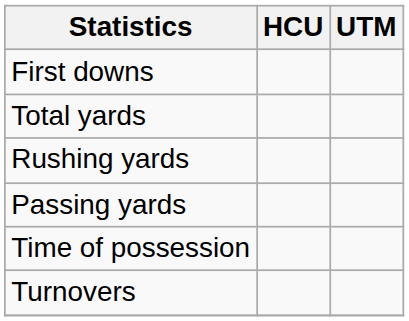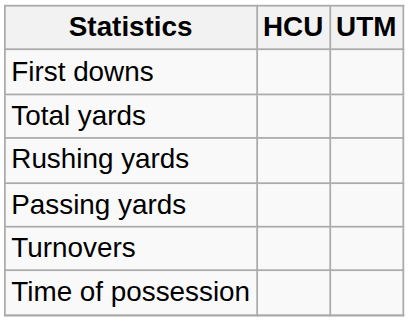 <table class="wikitable" style="float: left;">
 <tr>
 <th>Statistics</th>
 <th>HCU</th>
 <th>UTM</th>
 </tr>
 <tr>
 <td>First downs</td>
 <td></td>
 <td></td>
 </tr>
 <tr>
 <td>Total yards</td>
 <td></td>
 <td></td>
 </tr>
 <tr>
 <td>Rushing yards</td>
 <td></td>
 <td></td>
 </tr>
 <tr>
 <td>Passing yards</td>
 <td></td>
 <td></td>
 </tr>
 <tr>
-<td>Time of possession</td>
+<td>Turnovers</td>
 <td></td>
 <td></td>
 </tr>
 <tr>
-<td>Turnovers</td>
+<td>Time of possession</td>
 <td></td>
 <td></td>
 </tr>
 <tr>
 </tr>
 </table>
